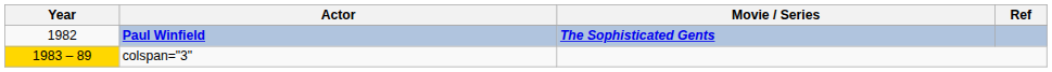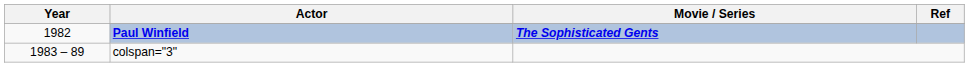 <table class="wikitable" style="width:100%;">
 <tr style="background:#bebebe;">
 <th style="width:11%;">Year</th>
 <th style="width:42%;">Actor</th>
 <th style="width:42%;">Movie / Series</th>
 <th style="width:5%;">Ref</th>
 </tr>
 <tr>
 <td rowspan="2" align="center">1982</td>
 </tr>
 <tr style="background:#B0C4DE">
 <td><strong><a href='#'>Paul Winfield</a></strong></td>
 <td><strong><em><a href='#'>The Sophisticated Gents</a></em></strong></td>
 <td align="center"></td>
 </tr>
 <tr>
-<td align="center" style="background: gold;">1983 – 89</td>
+<td align="center">1983 – 89</td>
 <td>colspan="3" </td>
 </tr>
 </table>
